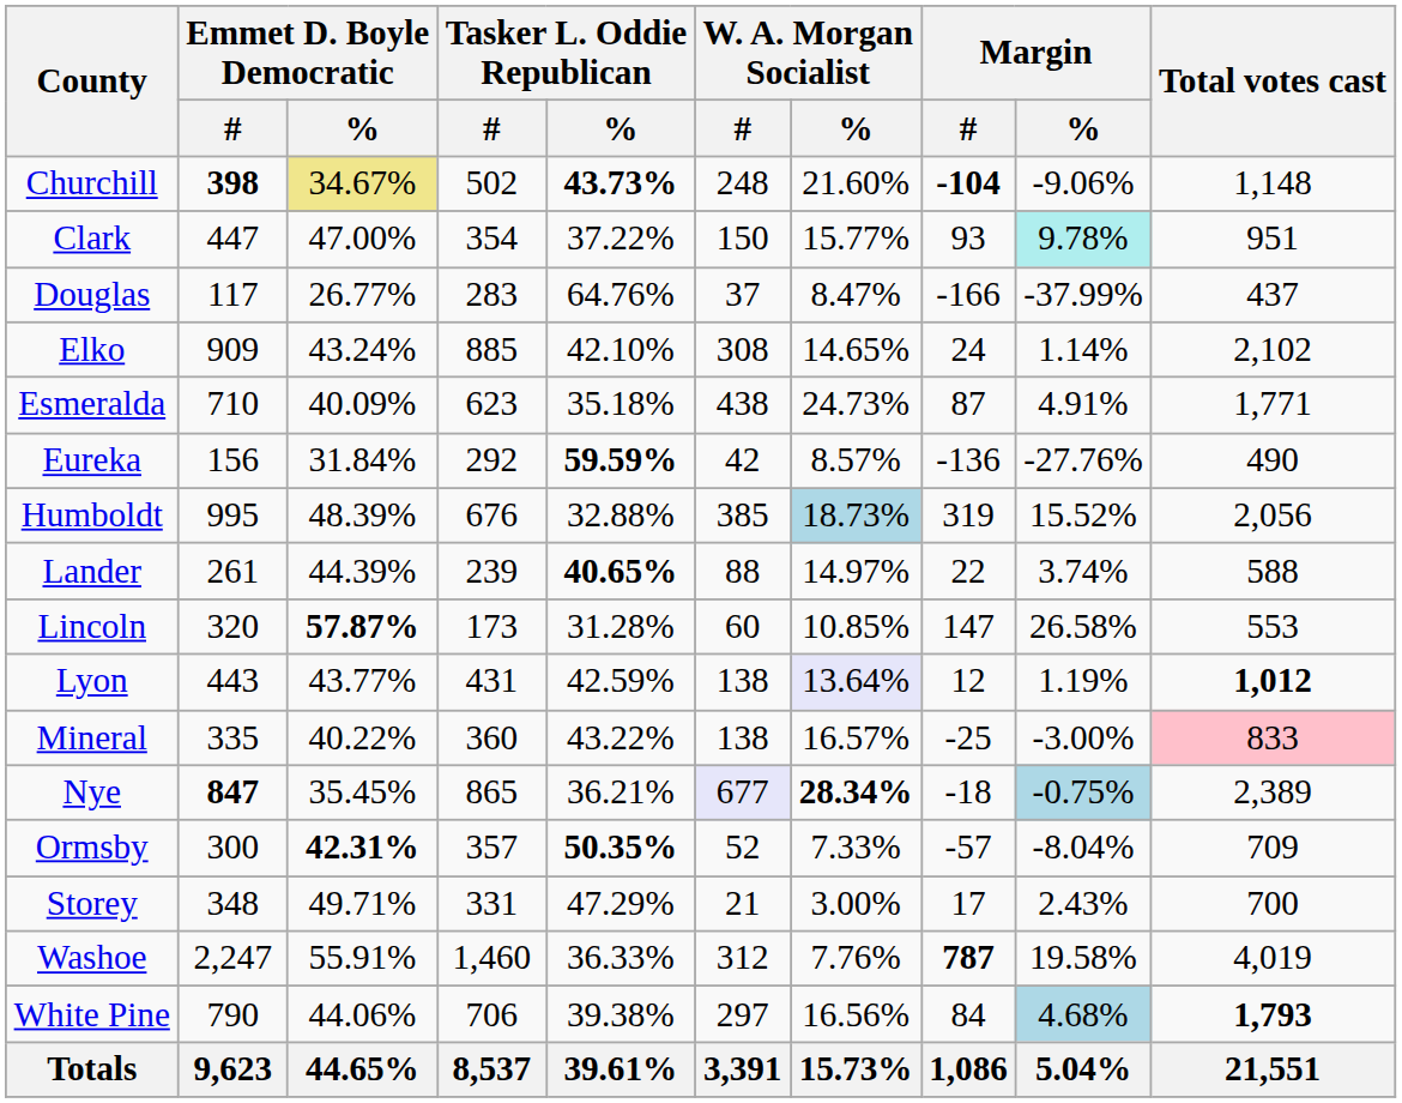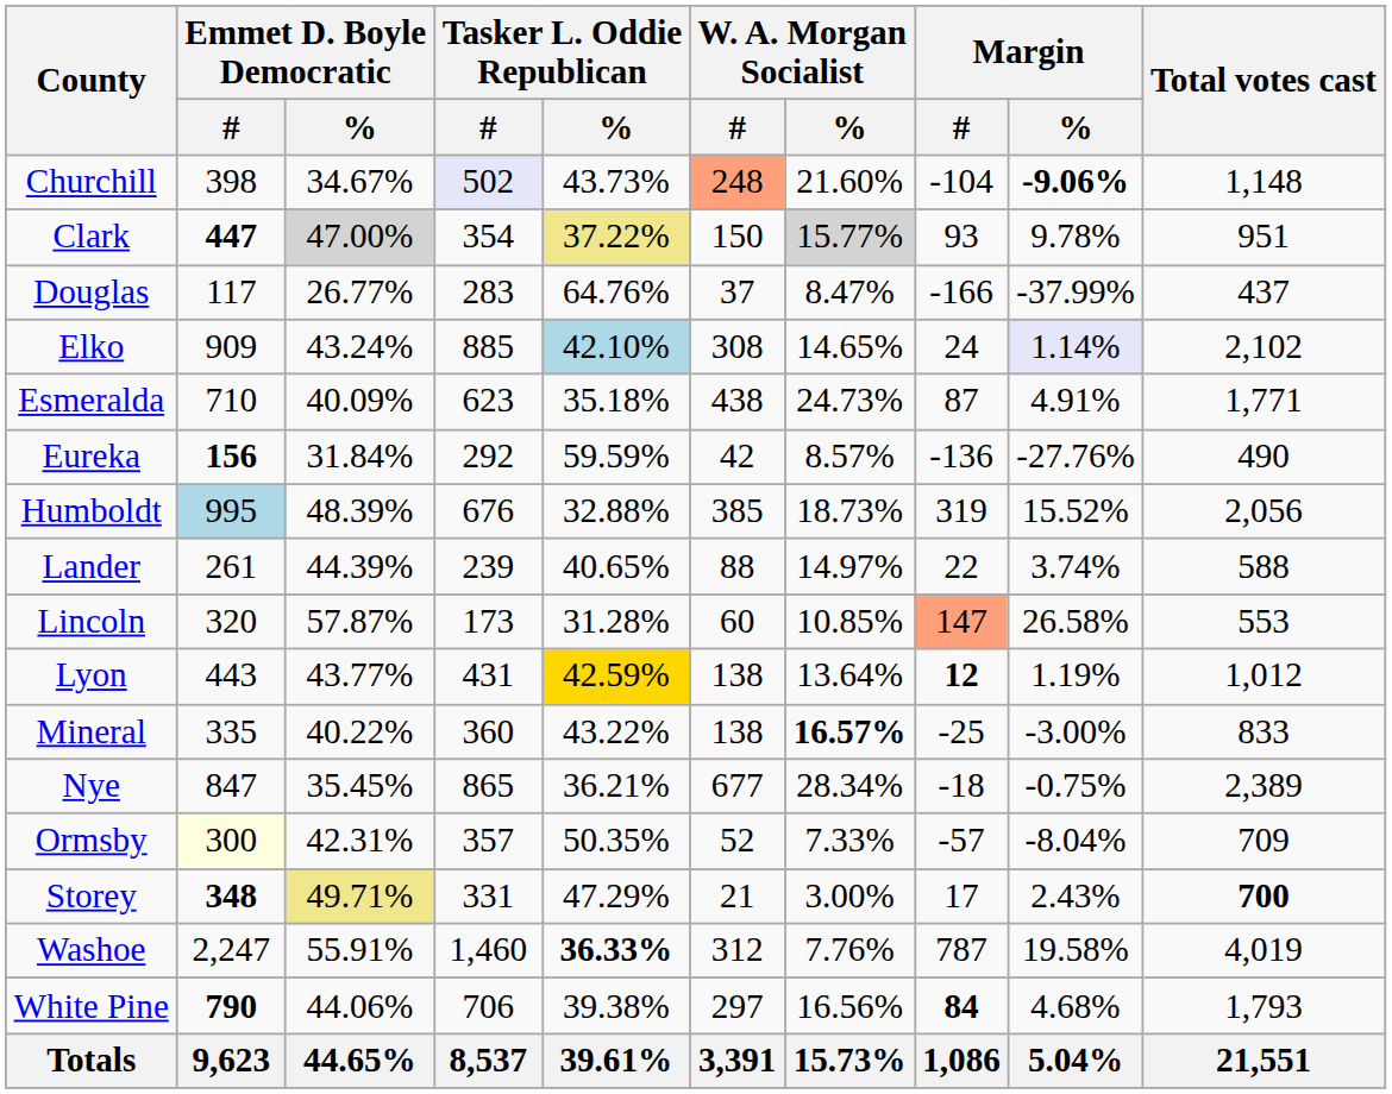 <table class="wikitable sortable" style="text-align:center">
 <tr>
 <th rowspan="2">County</th>
 <th style="text-align:center;" colspan="2">Emmet D. Boyle<br>Democratic</th>
 <th style="text-align:center;" colspan="2">Tasker L. Oddie<br>Republican</th>
 <th style="text-align:center;" colspan="2">W. A. Morgan<br>Socialist</th>
 <th style="text-align:center;" colspan="2">Margin</th>
 <th style="text-align:center;" rowspan="2">Total votes cast</th>
 </tr>
 <tr>
 <th style="text-align:center;" data-sort-type="number">#</th>
 <th style="text-align:center;" data-sort-type="number">%</th>
 <th style="text-align:center;" data-sort-type="number">#</th>
 <th style="text-align:center;" data-sort-type="number">%</th>
 <th style="text-align:center;" data-sort-type="number">#</th>
 <th style="text-align:center;" data-sort-type="number">%</th>
 <th style="text-align:center;" data-sort-type="number">#</th>
 <th style="text-align:center;" data-sort-type="number">%</th>
 </tr>
 <tr style="text-align:center;">
 <td><a href='#'>Churchill</a></td>
-<td><strong>398</strong></td>
-<td style="background: khaki;">34.67%</td>
-<td>502</td>
-<td><strong>43.73%</strong></td>
-<td>248</td>
+<td>398</td>
+<td>34.67%</td>
+<td style="background: lavender;">502</td>
+<td>43.73%</td>
+<td style="background: lightsalmon;">248</td>
 <td>21.60%</td>
-<td><strong>-104</strong></td>
-<td>-9.06%</td>
+<td>-104</td>
+<td><strong>-9.06%</strong></td>
 <td>1,148</td>
 </tr>
 <tr style="text-align:center;">
 <td><a href='#'>Clark</a></td>
-<td>447</td>
-<td>47.00%</td>
+<td><strong>447</strong></td>
+<td style="background: lightgrey;">47.00%</td>
 <td>354</td>
-<td>37.22%</td>
+<td style="background: khaki;">37.22%</td>
 <td>150</td>
-<td>15.77%</td>
+<td style="background: lightgrey;">15.77%</td>
 <td>93</td>
-<td style="background: paleturquoise;">9.78%</td>
+<td>9.78%</td>
 <td>951</td>
 </tr>
 <tr style="text-align:center;">
 <td><a href='#'>Douglas</a></td>
 <td>117</td>
 <td>26.77%</td>
 <td>283</td>
 <td>64.76%</td>
 <td>37</td>
 <td>8.47%</td>
 <td>-166</td>
 <td>-37.99%</td>
 <td>437</td>
 </tr>
 <tr style="text-align:center;">
 <td><a href='#'>Elko</a></td>
 <td>909</td>
 <td>43.24%</td>
 <td>885</td>
-<td>42.10%</td>
+<td style="background: lightblue;">42.10%</td>
 <td>308</td>
 <td>14.65%</td>
 <td>24</td>
-<td>1.14%</td>
+<td style="background: lavender;">1.14%</td>
 <td>2,102</td>
 </tr>
 <tr style="text-align:center;">
 <td><a href='#'>Esmeralda</a></td>
 <td>710</td>
 <td>40.09%</td>
 <td>623</td>
 <td>35.18%</td>
 <td>438</td>
 <td>24.73%</td>
 <td>87</td>
 <td>4.91%</td>
 <td>1,771</td>
 </tr>
 <tr style="text-align:center;">
 <td><a href='#'>Eureka</a></td>
-<td>156</td>
+<td><strong>156</strong></td>
 <td>31.84%</td>
 <td>292</td>
-<td><strong>59.59%</strong></td>
+<td>59.59%</td>
 <td>42</td>
 <td>8.57%</td>
 <td>-136</td>
 <td>-27.76%</td>
 <td>490</td>
 </tr>
 <tr style="text-align:center;">
 <td><a href='#'>Humboldt</a></td>
-<td>995</td>
+<td style="background: lightblue;">995</td>
 <td>48.39%</td>
 <td>676</td>
 <td>32.88%</td>
 <td>385</td>
-<td style="background: lightblue;">18.73%</td>
+<td>18.73%</td>
 <td>319</td>
 <td>15.52%</td>
 <td>2,056</td>
 </tr>
 <tr style="text-align:center;">
 <td><a href='#'>Lander</a></td>
 <td>261</td>
 <td>44.39%</td>
 <td>239</td>
-<td><strong>40.65%</strong></td>
+<td>40.65%</td>
 <td>88</td>
 <td>14.97%</td>
 <td>22</td>
 <td>3.74%</td>
 <td>588</td>
 </tr>
 <tr style="text-align:center;">
 <td><a href='#'>Lincoln</a></td>
 <td>320</td>
-<td><strong>57.87%</strong></td>
+<td>57.87%</td>
 <td>173</td>
 <td>31.28%</td>
 <td>60</td>
 <td>10.85%</td>
-<td>147</td>
+<td style="background: lightsalmon;">147</td>
 <td>26.58%</td>
 <td>553</td>
 </tr>
 <tr style="text-align:center;">
 <td><a href='#'>Lyon</a></td>
 <td>443</td>
 <td>43.77%</td>
 <td>431</td>
-<td>42.59%</td>
+<td style="background: gold;">42.59%</td>
 <td>138</td>
-<td style="background: lavender;">13.64%</td>
-<td>12</td>
+<td>13.64%</td>
+<td><strong>12</strong></td>
 <td>1.19%</td>
-<td><strong>1,012</strong></td>
+<td>1,012</td>
 </tr>
 <tr style="text-align:center;">
 <td><a href='#'>Mineral</a></td>
 <td>335</td>
 <td>40.22%</td>
 <td>360</td>
 <td>43.22%</td>
 <td>138</td>
-<td>16.57%</td>
+<td><strong>16.57%</strong></td>
 <td>-25</td>
 <td>-3.00%</td>
-<td style="background: pink;">833</td>
+<td>833</td>
 </tr>
 <tr style="text-align:center;">
 <td><a href='#'>Nye</a></td>
-<td><strong>847</strong></td>
+<td>847</td>
 <td>35.45%</td>
 <td>865</td>
 <td>36.21%</td>
-<td style="background: lavender;">677</td>
-<td><strong>28.34%</strong></td>
+<td>677</td>
+<td>28.34%</td>
 <td>-18</td>
-<td style="background: lightblue;">-0.75%</td>
+<td>-0.75%</td>
 <td>2,389</td>
 </tr>
 <tr style="text-align:center;">
 <td><a href='#'>Ormsby</a></td>
-<td>300</td>
-<td><strong>42.31%</strong></td>
+<td style="background: lightyellow;">300</td>
+<td>42.31%</td>
 <td>357</td>
-<td><strong>50.35%</strong></td>
+<td>50.35%</td>
 <td>52</td>
 <td>7.33%</td>
 <td>-57</td>
 <td>-8.04%</td>
 <td>709</td>
 </tr>
 <tr style="text-align:center;">
 <td><a href='#'>Storey</a></td>
-<td>348</td>
-<td>49.71%</td>
+<td><strong>348</strong></td>
+<td style="background: khaki;">49.71%</td>
 <td>331</td>
 <td>47.29%</td>
 <td>21</td>
 <td>3.00%</td>
 <td>17</td>
 <td>2.43%</td>
-<td>700</td>
+<td><strong>700</strong></td>
 </tr>
 <tr style="text-align:center;">
 <td><a href='#'>Washoe</a></td>
 <td>2,247</td>
 <td>55.91%</td>
 <td>1,460</td>
-<td>36.33%</td>
+<td><strong>36.33%</strong></td>
 <td>312</td>
 <td>7.76%</td>
-<td><strong>787</strong></td>
+<td>787</td>
 <td>19.58%</td>
 <td>4,019</td>
 </tr>
 <tr style="text-align:center;">
 <td><a href='#'>White Pine</a></td>
-<td>790</td>
+<td><strong>790</strong></td>
 <td>44.06%</td>
 <td>706</td>
 <td>39.38%</td>
 <td>297</td>
 <td>16.56%</td>
-<td>84</td>
-<td style="background: lightblue;">4.68%</td>
-<td><strong>1,793</strong></td>
+<td><strong>84</strong></td>
+<td>4.68%</td>
+<td>1,793</td>
 </tr>
 <tr style="text-align:center;">
 <th>Totals</th>
 <th>9,623</th>
 <th>44.65%</th>
 <th>8,537</th>
 <th>39.61%</th>
 <th>3,391</th>
 <th>15.73%</th>
 <th>1,086</th>
 <th>5.04%</th>
 <th>21,551</th>
 </tr>
 </table>
